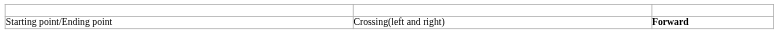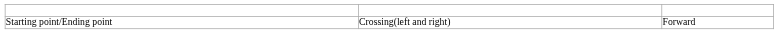 <table cellpadding="0" cellspacing="0" border="1" width="80%" style="margin: auto;border: 1px #aaa solid;  border-collapse: collapse; font-size:80%">
 <tr>
 <td><br></td>
 <td><br></td>
 <td><br></td>
 </tr>
 <tr>
 <td>Starting point/Ending point</td>
 <td>Crossing(left and right)</td>
-<td><strong>Forward</strong></td>
+<td>Forward</td>
 </tr>
 </table>
